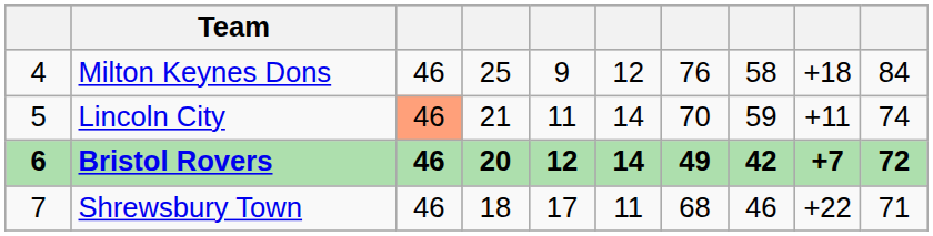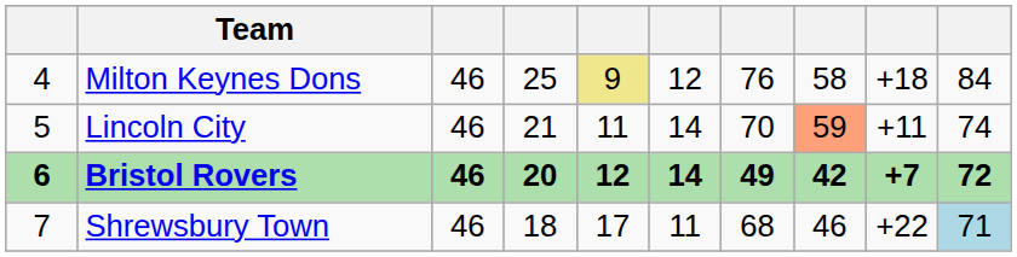 <table class="wikitable" style="text-align:center">
 <tr>
 <th width="30"></th>
 <th width="175">Team</th>
 <th width="30"></th>
 <th width="30"></th>
 <th width="30"></th>
 <th width="30"></th>
 <th width="30"></th>
 <th width="30"></th>
 <th width="30"></th>
 <th width="30"></th>
 </tr>
 <tr>
 <td>4</td>
 <td align=left><a href='#'>Milton Keynes Dons</a></td>
 <td>46</td>
 <td>25</td>
-<td>9</td>
+<td style="background: khaki;">9</td>
 <td>12</td>
 <td>76</td>
 <td>58</td>
 <td>+18</td>
 <td>84</td>
 </tr>
 <tr>
 <td>5</td>
 <td align=left><a href='#'>Lincoln City</a></td>
-<td style="background: lightsalmon;">46</td>
+<td>46</td>
 <td>21</td>
 <td>11</td>
 <td>14</td>
 <td>70</td>
-<td>59</td>
+<td style="background: lightsalmon;">59</td>
 <td>+11</td>
 <td>74</td>
 </tr>
 <tr bgcolor=#ADDFAD>
 <td><strong>6</strong></td>
 <td align=left><strong><a href='#'>Bristol Rovers</a></strong></td>
 <td><strong>46</strong></td>
 <td><strong>20</strong></td>
 <td><strong>12</strong></td>
 <td><strong>14</strong></td>
 <td><strong>49</strong></td>
 <td><strong>42</strong></td>
 <td><strong>+7</strong></td>
 <td><strong>72</strong></td>
 </tr>
 <tr>
 <td>7</td>
 <td align=left><a href='#'>Shrewsbury Town</a></td>
 <td>46</td>
 <td>18</td>
 <td>17</td>
 <td>11</td>
 <td>68</td>
 <td>46</td>
 <td>+22</td>
-<td>71</td>
+<td style="background: lightblue;">71</td>
 </tr>
 </table>
